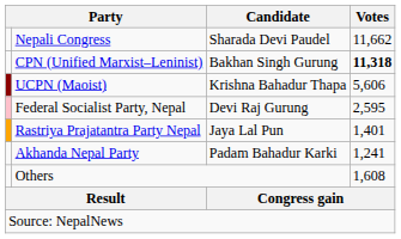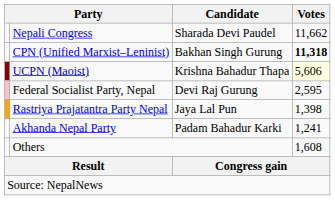 <table class="wikitable">
 <tr>
 <th colspan="2">Party</th>
 <th>Candidate</th>
 <th>Votes</th>
 </tr>
 <tr>
 <td style="background-color:"></td>
 <td><a href='#'>Nepali Congress</a></td>
 <td>Sharada Devi Paudel</td>
 <td>11,662</td>
 </tr>
 <tr>
 <td style="background-color:"></td>
 <td><a href='#'>CPN (Unified Marxist–Leninist)</a></td>
 <td>Bakhan Singh Gurung</td>
 <td><strong>11,318</strong></td>
 </tr>
 <tr>
 <td style="background-color:darkred"></td>
 <td><a href='#'>UCPN (Maoist)</a></td>
 <td>Krishna Bahadur Thapa</td>
-<td>5,606</td>
+<td style="background: lightyellow;">5,606</td>
 </tr>
 <tr>
 <td style="background-color:pink"></td>
 <td>Federal Socialist Party, Nepal</td>
 <td>Devi Raj Gurung</td>
 <td>2,595</td>
 </tr>
 <tr>
 <td style="background-color:orange"></td>
 <td><a href='#'>Rastriya Prajatantra Party Nepal</a></td>
 <td>Jaya Lal Pun</td>
-<td>1,401</td>
+<td>1,398</td>
 </tr>
 <tr>
 <td></td>
 <td><a href='#'>Akhanda Nepal Party</a></td>
 <td>Padam Bahadur Karki</td>
 <td>1,241</td>
 </tr>
 <tr>
 <td></td>
 <td colspan="2">Others</td>
 <td>1,608</td>
 </tr>
 <tr>
 <th colspan="2">Result</th>
 <th colspan="2">Congress gain</th>
 </tr>
 <tr>
 <td colspan="4">Source: NepalNews</td>
 </tr>
 </table>
